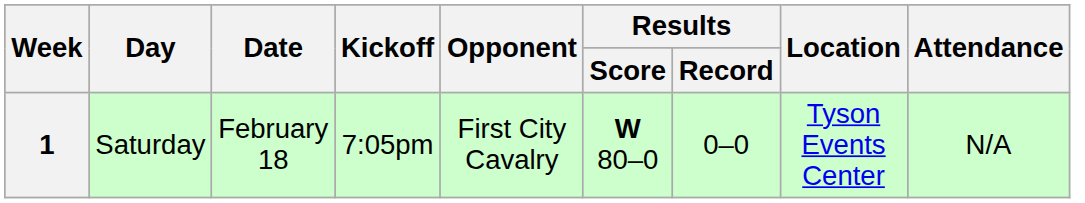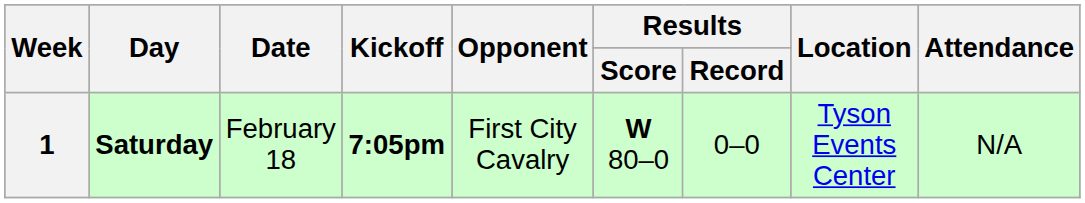 <table class="wikitable">
 <tr>
 <th rowspan="2" width="40">Week</th>
 <th rowspan="2" width="80">Day</th>
 <th rowspan="2" width="80">Date</th>
 <th rowspan="2" width="60">Kickoff</th>
 <th rowspan="2" width="200">Opponent</th>
 <th colspan="2" width="180">Results</th>
 <th rowspan="2" width="250">Location</th>
 <th rowspan="2" width="210">Attendance</th>
 </tr>
 <tr>
 <th width="120">Score</th>
 <th width="60">Record</th>
 </tr>
 <tr align="center" bgcolor="#CCFFCC">
 <th>1</th>
-<td>Saturday</td>
+<td><strong>Saturday</strong></td>
 <td>February 18</td>
-<td>7:05pm</td>
+<td><strong>7:05pm</strong></td>
 <td>First City Cavalry</td>
 <td><strong>W</strong> 80–0</td>
 <td>0–0</td>
 <td><a href='#'>Tyson Events Center</a></td>
 <td>N/A</td>
 </tr>
 </table>
